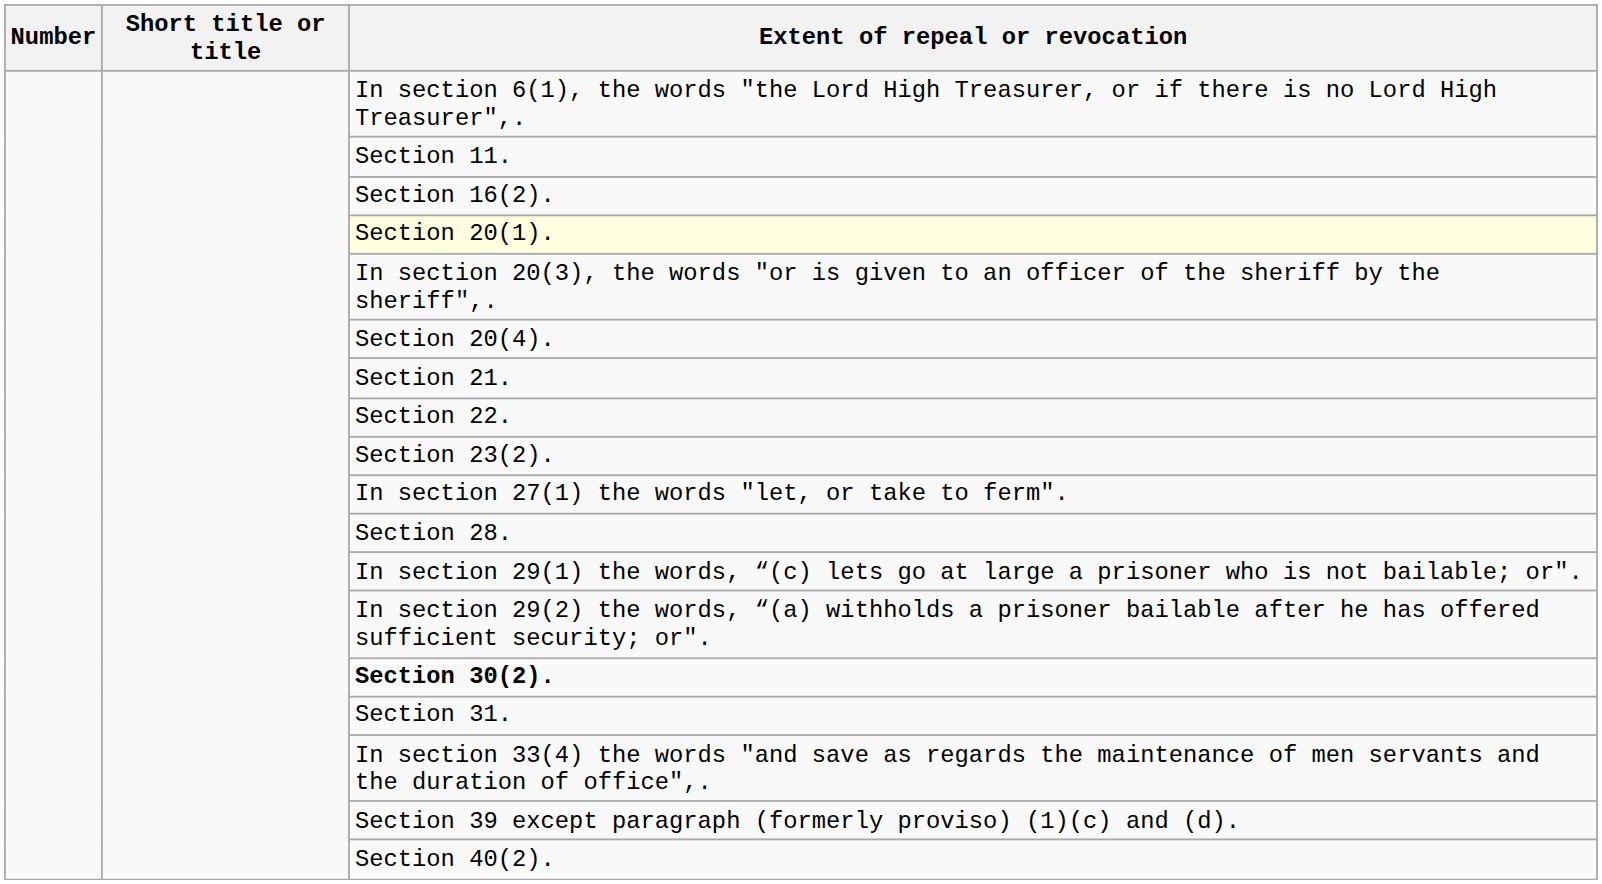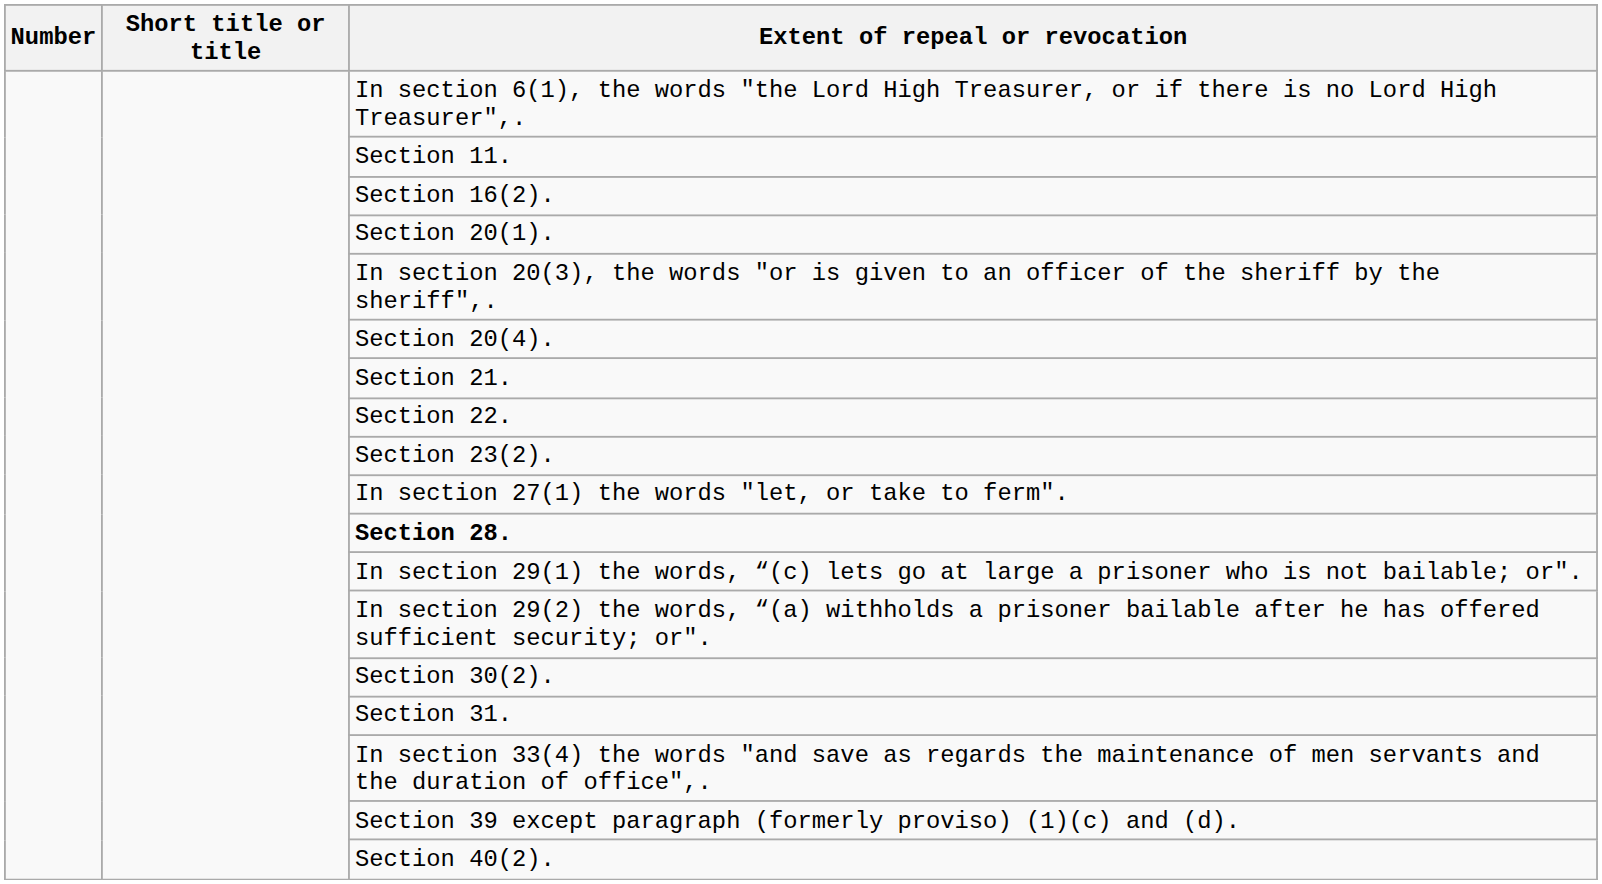 <table class="wikitable":)>
 <tr>
 <th>Number</th>
 <th>Short title or title</th>
 <th>Extent of repeal or revocation</th>
 </tr>
 <tr>
 <td rowspan=18></td>
 <td rowspan=18></td>
 <td>In section 6(1), the words "the Lord High Treasurer, or if there is no Lord High Treasurer",.</td>
 </tr>
 <tr>
 <td>Section 11.</td>
 </tr>
 <tr>
 <td>Section 16(2).</td>
 </tr>
 <tr>
-<td style="background: lightyellow;">Section 20(1).</td>
+<td>Section 20(1).</td>
 </tr>
 <tr>
 <td>In section 20(3), the words "or is given to an officer of the sheriff by the sheriff",.</td>
 </tr>
 <tr>
 <td>Section 20(4).</td>
 </tr>
 <tr>
 <td>Section 21.</td>
 </tr>
 <tr>
 <td>Section 22.</td>
 </tr>
 <tr>
 <td>Section 23(2).</td>
 </tr>
 <tr>
 <td>In section 27(1) the words "let, or take to ferm".</td>
 </tr>
 <tr>
-<td>Section 28.</td>
+<td><strong>Section 28.</strong></td>
 </tr>
 <tr>
 <td>In section 29(1) the words, “(c) lets go at large a prisoner who is not bailable; or".</td>
 </tr>
 <tr>
 <td>In section 29(2) the words, “(a) withholds a prisoner bailable after he has offered sufficient security; or".</td>
 </tr>
 <tr>
-<td><strong>Section 30(2).</strong></td>
+<td>Section 30(2).</td>
 </tr>
 <tr>
 <td>Section 31.</td>
 </tr>
 <tr>
 <td>In section 33(4) the words "and save as regards the maintenance of men servants and the duration of office",.</td>
 </tr>
 <tr>
 <td>Section 39 except paragraph (formerly proviso) (1)(c) and (d).</td>
 </tr>
 <tr>
 <td>Section 40(2).</td>
 </tr>
 </table>
